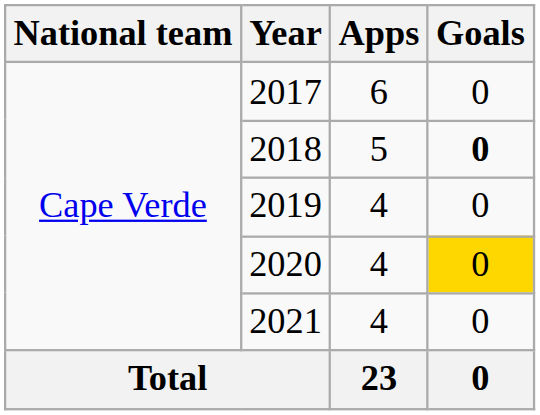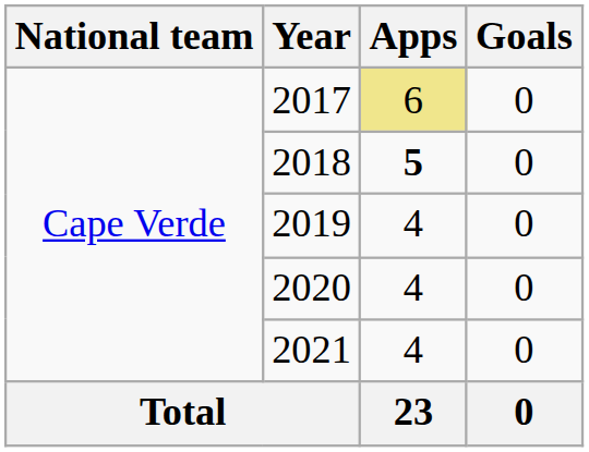 <table class="wikitable" style="text-align:center">
 <tr>
 <th>National team</th>
 <th>Year</th>
 <th>Apps</th>
 <th>Goals</th>
 </tr>
 <tr>
 <td rowspan="5"><a href='#'>Cape Verde</a></td>
 <td>2017</td>
-<td>6</td>
+<td style="background: khaki;">6</td>
 <td>0</td>
 </tr>
 <tr>
 <td>2018</td>
-<td>5</td>
-<td><strong>0</strong></td>
+<td><strong>5</strong></td>
+<td>0</td>
 </tr>
 <tr>
 <td>2019</td>
 <td>4</td>
 <td>0</td>
 </tr>
 <tr>
 <td>2020</td>
 <td>4</td>
-<td style="background: gold;">0</td>
+<td>0</td>
 </tr>
 <tr>
 <td>2021</td>
 <td>4</td>
 <td>0</td>
 </tr>
 <tr>
 <th colspan="2">Total</th>
 <th>23</th>
 <th>0</th>
 </tr>
 </table>
